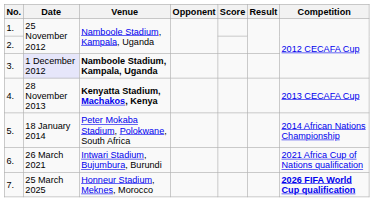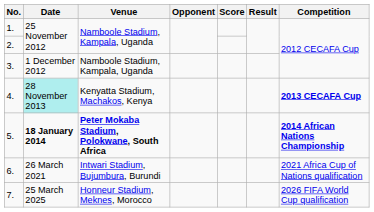 <table class="wikitable" style="font-size:95%;">
 <tr>
 <th>No.</th>
 <th>Date</th>
 <th>Venue</th>
 <th>Opponent</th>
 <th>Score</th>
 <th>Result</th>
 <th>Competition</th>
 </tr>
 <tr>
 <td>1.</td>
 <td rowspan="2">25 November 2012</td>
 <td rowspan="2"><a href='#'>Namboole Stadium</a>, <a href='#'>Kampala</a>, Uganda</td>
 <td rowspan="2"></td>
 <td></td>
 <td rowspan="2"></td>
 <td rowspan="3"><a href='#'>2012 CECAFA Cup</a></td>
 </tr>
 <tr>
 <td>2.</td>
 <td></td>
 </tr>
 <tr>
 <td>3.</td>
-<td style="background: lavender;">1 December 2012</td>
-<td><strong>Namboole Stadium, Kampala, Uganda</strong></td>
+<td>1 December 2012</td>
+<td>Namboole Stadium, Kampala, Uganda</td>
 <td></td>
 <td></td>
 <td></td>
 </tr>
 <tr>
 <td>4.</td>
-<td>28 November 2013</td>
-<td><strong>Kenyatta Stadium, <a href='#'>Machakos</a>, Kenya</strong></td>
+<td style="background: paleturquoise;">28 November 2013</td>
+<td>Kenyatta Stadium, <a href='#'>Machakos</a>, Kenya</td>
 <td></td>
 <td></td>
 <td></td>
-<td><a href='#'>2013 CECAFA Cup</a></td>
+<td><strong><a href='#'>2013 CECAFA Cup</a></strong></td>
 </tr>
 <tr>
 <td>5.</td>
-<td>18 January 2014</td>
-<td><a href='#'>Peter Mokaba Stadium</a>, <a href='#'>Polokwane</a>, South Africa</td>
+<td><strong>18 January 2014</strong></td>
+<td><strong><a href='#'>Peter Mokaba Stadium</a>, <a href='#'>Polokwane</a>, South Africa</strong></td>
 <td></td>
 <td></td>
 <td></td>
-<td><a href='#'>2014 African Nations Championship</a></td>
+<td><strong><a href='#'>2014 African Nations Championship</a></strong></td>
 </tr>
 <tr>
 <td>6.</td>
 <td>26 March 2021</td>
 <td><a href='#'>Intwari Stadium</a>, <a href='#'>Bujumbura</a>, Burundi</td>
 <td></td>
 <td></td>
 <td></td>
 <td><a href='#'>2021 Africa Cup of Nations qualification</a></td>
 </tr>
 <tr>
 <td>7.</td>
 <td>25 March 2025</td>
 <td><a href='#'>Honneur Stadium</a>, <a href='#'>Meknes</a>, Morocco</td>
 <td></td>
 <td></td>
 <td></td>
-<td><strong><a href='#'>2026 FIFA World Cup qualification</a></strong></td>
+<td><a href='#'>2026 FIFA World Cup qualification</a></td>
 </tr>
 </table>
